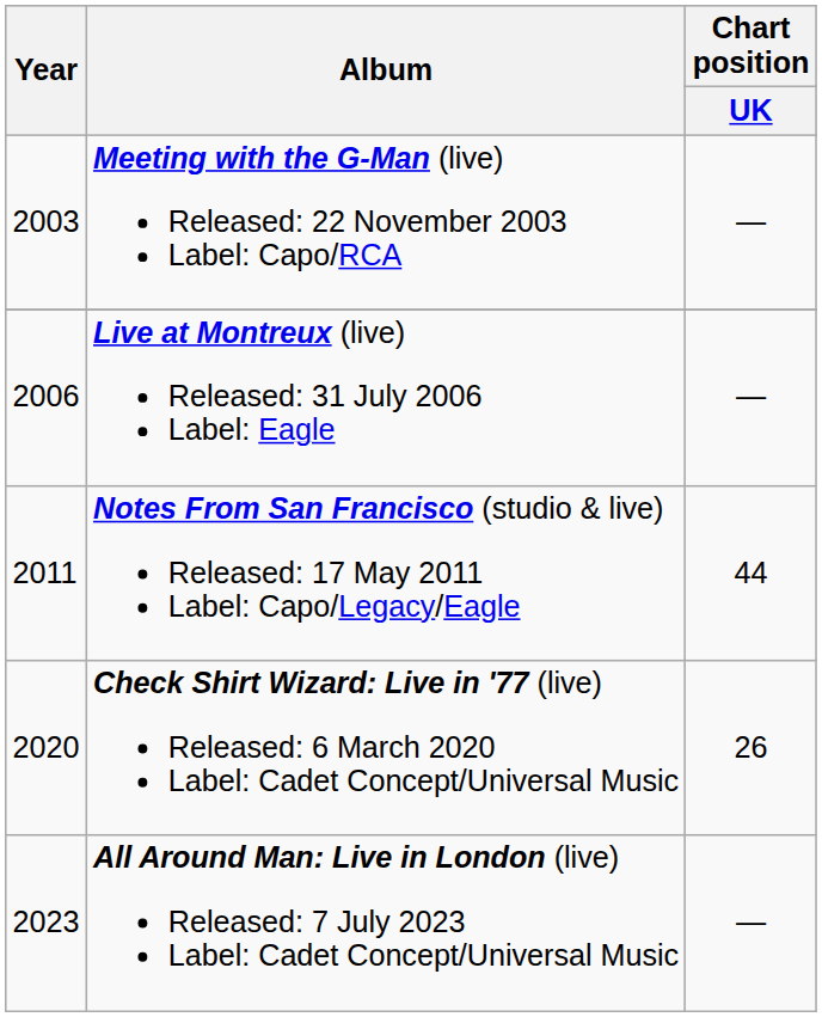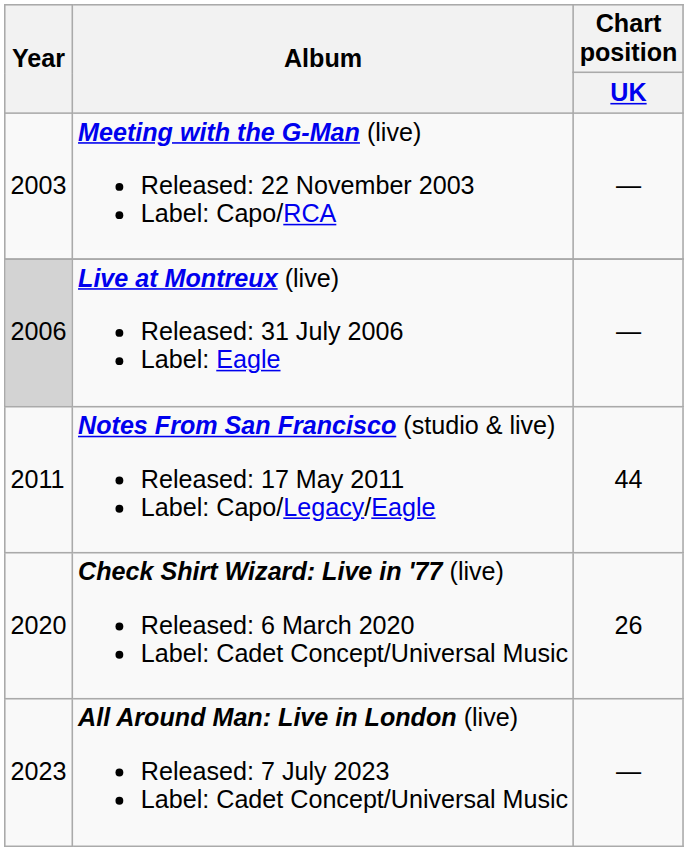 <table class="wikitable">
 <tr>
 <th rowspan="2">Year</th>
 <th rowspan="2">Album</th>
 <th colspan-"3">Chart<br>position</th>
 </tr>
 <tr>
 <th><a href='#'>UK</a><br></th>
 </tr>
 <tr>
 <td>2003</td>
 <td><strong><em><a href='#'>Meeting with the G-Man</a></em></strong> (live)<br><ul><li>Released: 22 November 2003</li><li>Label: Capo/<a href='#'>RCA</a></li></ul></td>
 <td align="center">—</td>
 </tr>
 <tr>
 </tr>
 <tr>
-<td>2006</td>
+<td style="background: lightgrey;">2006</td>
 <td><strong><em><a href='#'>Live at Montreux</a></em></strong> (live)<br><ul><li>Released: 31 July 2006</li><li>Label: <a href='#'>Eagle</a></li></ul></td>
 <td align="center">—</td>
 </tr>
 <tr>
 <td>2011</td>
 <td><strong><em><a href='#'>Notes From San Francisco</a></em></strong> (studio & live)<br><ul><li>Released: 17 May 2011</li><li>Label: Capo/<a href='#'>Legacy</a>/<a href='#'>Eagle</a></li></ul></td>
 <td align="center">44</td>
 </tr>
 <tr>
 <td>2020</td>
 <td><strong><em>Check Shirt Wizard: Live in '77</em></strong> (live)<br><ul><li>Released: 6 March 2020</li><li>Label: Cadet Concept/Universal Music</li></ul></td>
 <td align="center">26</td>
 </tr>
 <tr>
 <td>2023</td>
 <td><strong><em>All Around Man: Live in London</em></strong> (live)<br><ul><li>Released: 7 July 2023</li><li>Label: Cadet Concept/Universal Music</li></ul></td>
 <td align="center">—</td>
 </tr>
 </table>
